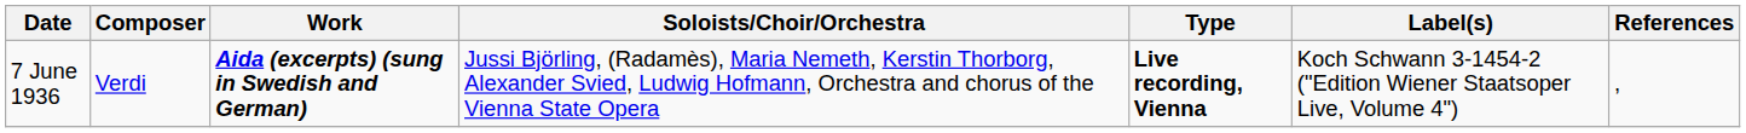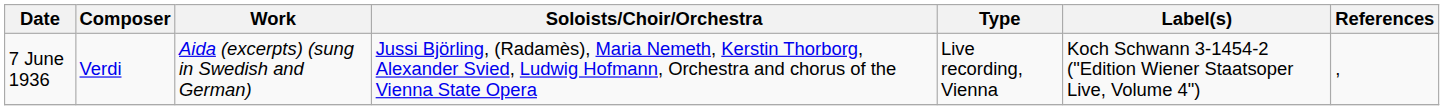 <table class="wikitable">
 <tr>
 <th>Date</th>
 <th>Composer</th>
 <th>Work</th>
 <th>Soloists/Choir/Orchestra</th>
 <th>Type</th>
 <th>Label(s)</th>
 <th>References</th>
 </tr>
 <tr>
 <td>7 June 1936</td>
 <td><a href='#'>Verdi</a></td>
-<td><strong><em><a href='#'>Aida</a> (excerpts) (sung in Swedish and German)</em></strong></td>
+<td><em><a href='#'>Aida</a> (excerpts) (sung in Swedish and German)</em></td>
 <td><a href='#'>Jussi Björling</a>, (Radamès), <a href='#'>Maria Nemeth</a>, <a href='#'>Kerstin Thorborg</a>, <a href='#'>Alexander Svied</a>, <a href='#'>Ludwig Hofmann</a>, Orchestra and chorus of the <a href='#'>Vienna State Opera</a></td>
-<td><strong>Live recording, Vienna</strong></td>
+<td>Live recording, Vienna</td>
 <td>Koch Schwann 3-1454-2 ("Edition Wiener Staatsoper Live, Volume 4")</td>
 <td>, </td>
 </tr>
 <tr>
 </tr>
 </table>
